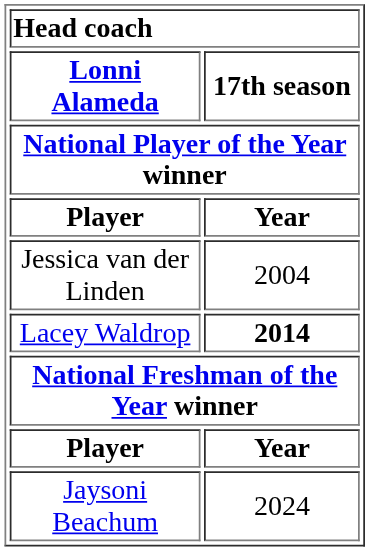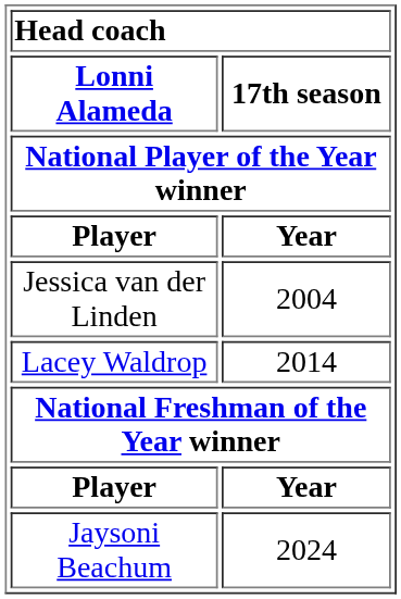 <table style="float: right;" border="1">
 <tr>
 <td colspan="2"><strong>Head coach</strong></td>
 </tr>
 <tr align=center>
 <td><strong><a href='#'>Lonni Alameda</a></strong></td>
 <td><strong>17th season</strong></td>
 </tr>
 <tr>
 <th colspan="2"><strong><a href='#'>National Player of the Year</a> winner</strong></th>
 </tr>
 <tr>
 <th style="width:105px; ">Player</th>
 <th style="width:85px; ">Year</th>
 </tr>
 <tr align=center>
 <td>Jessica van der Linden</td>
 <td>2004</td>
 </tr>
 <tr align=center>
 <td><a href='#'>Lacey Waldrop</a></td>
-<td><strong>2014</strong></td>
+<td>2014</td>
 </tr>
 <tr>
 <th colspan="2"><strong><a href='#'>National Freshman of the Year</a> winner</strong></th>
 </tr>
 <tr>
 <th style="width:105px; ">Player</th>
 <th style="width:85px; ">Year</th>
 </tr>
 <tr align=center>
 <td><a href='#'>Jaysoni Beachum</a></td>
 <td>2024</td>
 </tr>
 </table>
